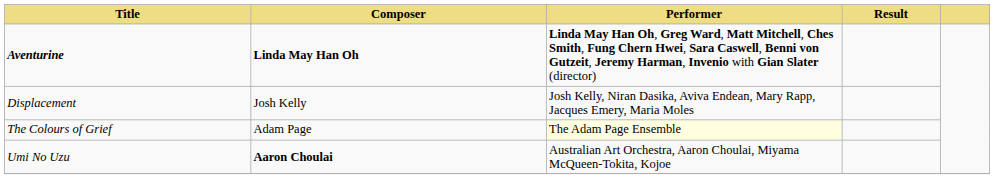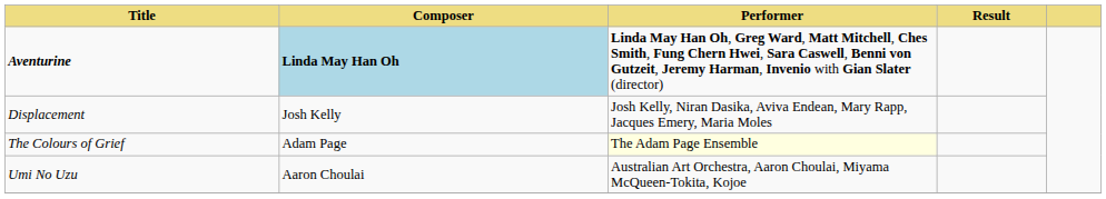 <table class="wikitable" width=100%>
 <tr>
 <th style="width:25%;background:#EEDD82;">Title</th>
 <th style="width:30%;background:#EEDD82;">Composer</th>
 <th style="width:30%;background:#EEDD82;">Performer</th>
 <th style="width:10%;background:#EEDD82;">Result</th>
 <th style="width:5%;background:#EEDD82;"></th>
 </tr>
 <tr>
 <td><strong><em>Aventurine</em></strong></td>
-<td><strong>Linda May Han Oh</strong></td>
+<td style="background: lightblue;"><strong>Linda May Han Oh</strong></td>
 <td><strong>Linda May Han Oh</strong>, <strong>Greg Ward</strong>, <strong>Matt Mitchell</strong>, <strong>Ches Smith</strong>, <strong>Fung Chern Hwei</strong>, <strong>Sara Caswell</strong>, <strong>Benni von Gutzeit</strong>, <strong>Jeremy Harman</strong>, <strong>Invenio</strong> with <strong>Gian Slater</strong> (director)</td>
 <td></td>
 <td rowspan="4"></td>
 </tr>
 <tr>
 <td><em> Displacement</em></td>
 <td>Josh Kelly</td>
 <td>Josh Kelly, Niran Dasika, Aviva Endean, Mary Rapp, Jacques Emery, Maria Moles</td>
 <td></td>
 </tr>
 <tr>
 <td><em>The Colours of Grief</em></td>
 <td>Adam Page</td>
 <td style="background: lightyellow;">The Adam Page Ensemble</td>
 <td></td>
 </tr>
 <tr>
 <td><em>Umi No Uzu</em></td>
-<td><strong>Aaron Choulai</strong></td>
+<td>Aaron Choulai</td>
 <td>Australian Art Orchestra, Aaron Choulai, Miyama McQueen-Tokita, Kojoe</td>
 <td></td>
 </tr>
 <tr>
 </tr>
 </table>
